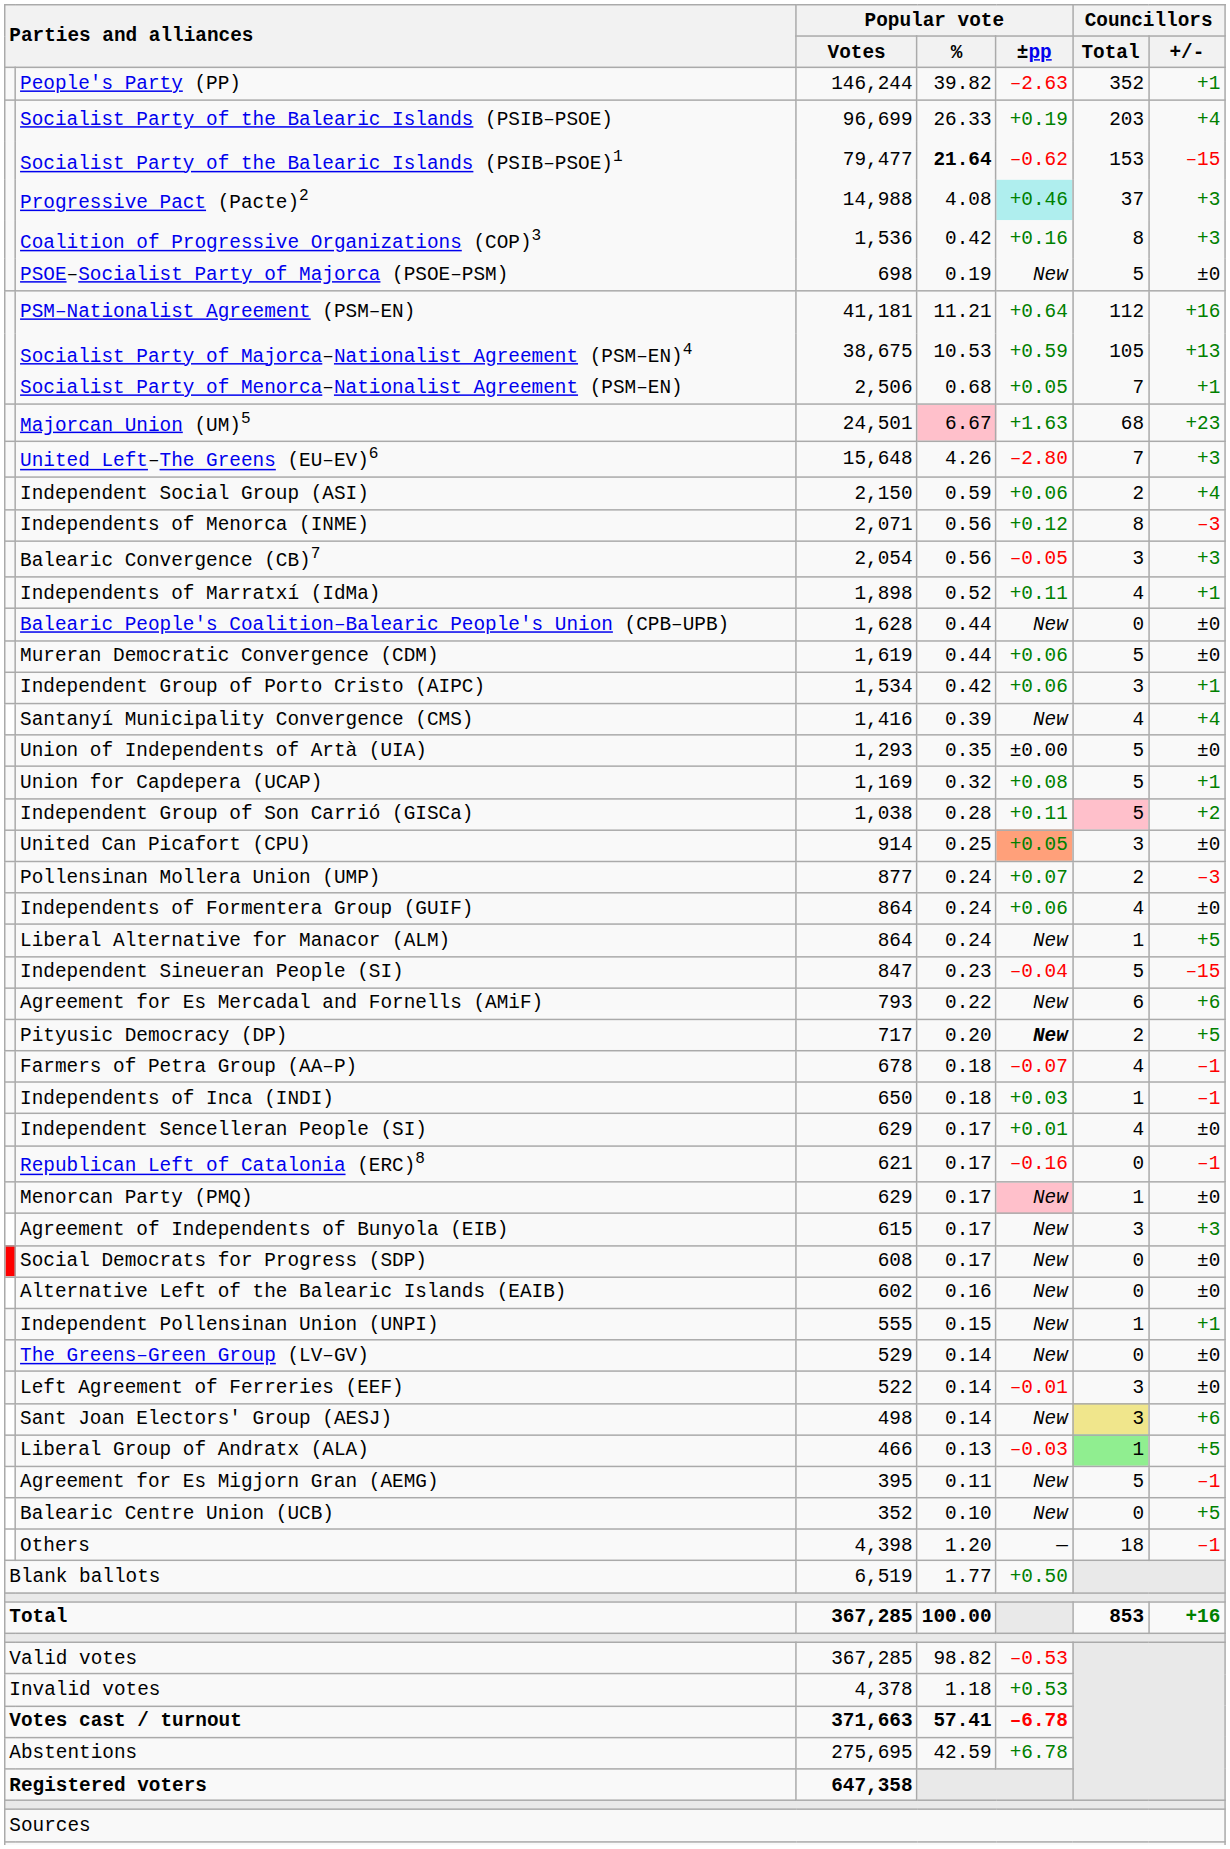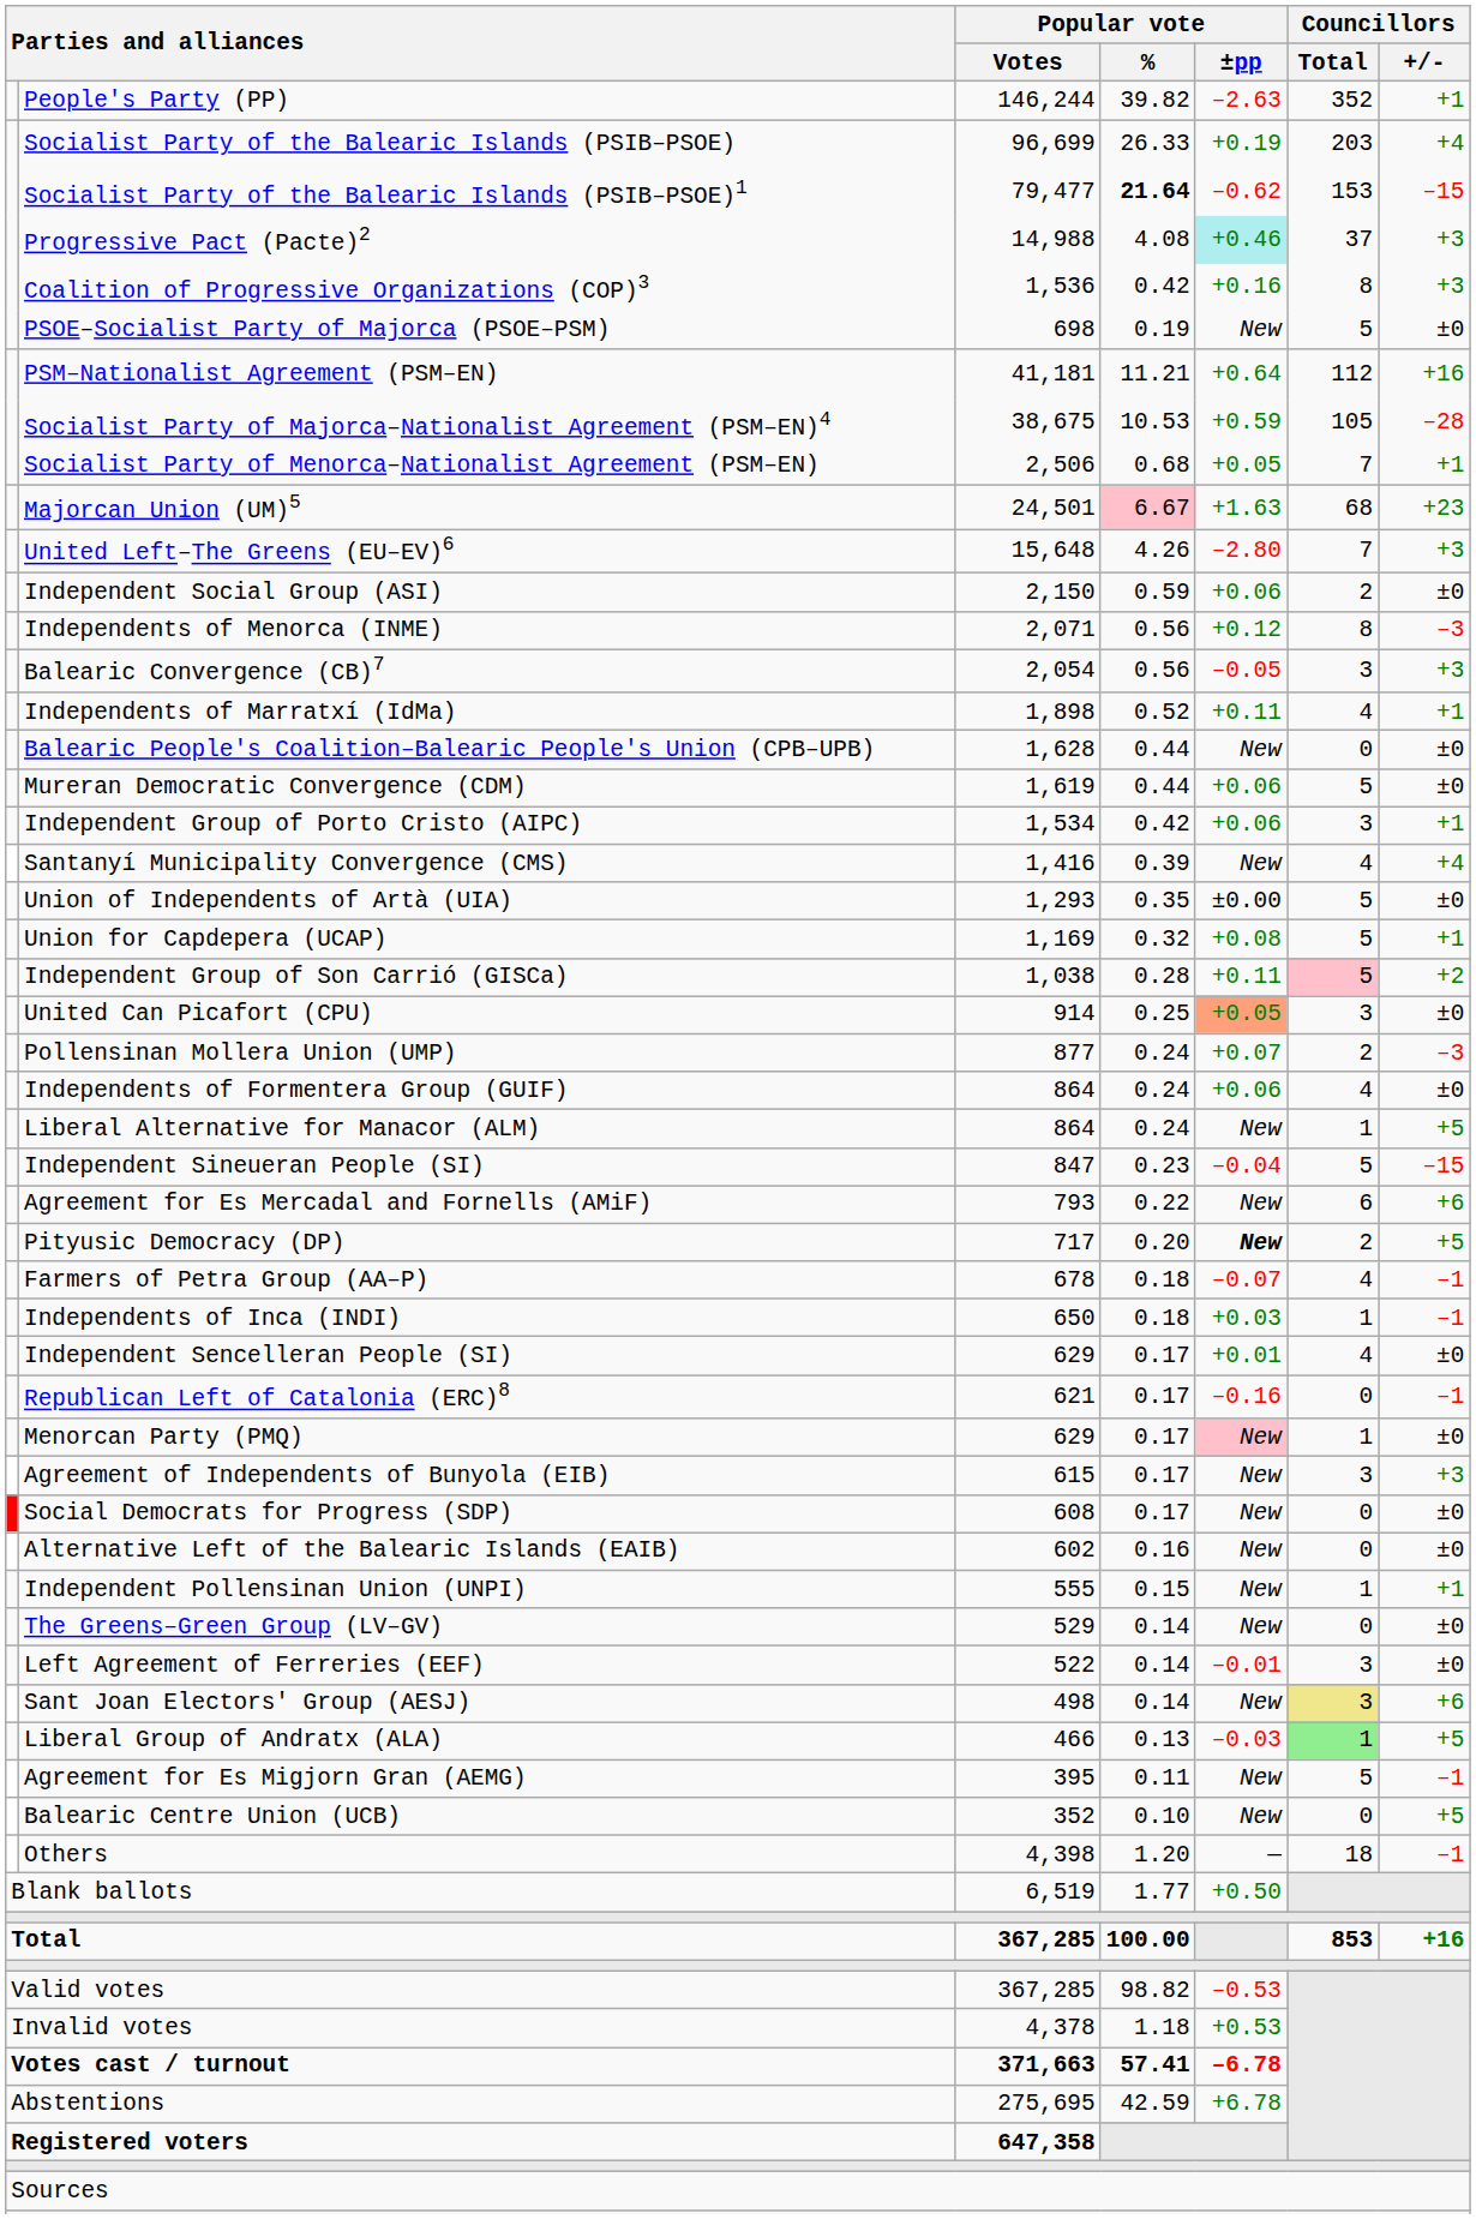 <table class="wikitable" style="text-align:right;">
 <tr>
 <th style="text-align:left;" rowspan="2" colspan="2" width="525">Parties and alliances</th>
 <th colspan="3">Popular vote</th>
 <th colspan="2">Councillors</th>
 </tr>
 <tr>
 <th width="75">Votes</th>
 <th width="45">%</th>
 <th width="45">±<a href='#'>pp</a></th>
 <th width="45">Total</th>
 <th width="45">+/-</th>
 </tr>
 <tr>
 <td width="1" style="color:inherit;background:"></td>
 <td align="left"><a href='#'>People's Party</a> (PP)</td>
 <td>146,244</td>
 <td>39.82</td>
 <td style="color:red;">–2.63</td>
 <td>352</td>
 <td style="color:green;">+1</td>
 </tr>
 <tr style="line-height:22px;">
 <td rowspan="5" style="color:inherit;background:"></td>
 <td align="left"><a href='#'>Socialist Party of the Balearic Islands</a> (PSIB–PSOE)</td>
 <td>96,699</td>
 <td>26.33</td>
 <td style="color:green;">+0.19</td>
 <td>203</td>
 <td style="color:green;">+4</td>
 </tr>
 <tr style="border-bottom-style:hidden; border-top-style:hidden; line-height:16px;">
 <td align="left"><span><a href='#'>Socialist Party of the Balearic Islands</a> (PSIB–PSOE)<sup>1</sup></span></td>
 <td>79,477</td>
 <td><strong>21.64</strong></td>
 <td style="color:red;">–0.62</td>
 <td>153</td>
 <td style="color:red;">–15</td>
 </tr>
 <tr style="border-bottom-style:hidden; line-height:16px;">
 <td align="left"><span><a href='#'>Progressive Pact</a> (Pacte)<sup>2</sup></span></td>
 <td>14,988</td>
 <td>4.08</td>
 <td style="background: paleturquoise; color:green;">+0.46</td>
 <td>37</td>
 <td style="color:green;">+3</td>
 </tr>
 <tr style="border-bottom-style:hidden; line-height:16px;">
 <td align="left"><span><a href='#'>Coalition of Progressive Organizations</a> (COP)<sup>3</sup></span></td>
 <td>1,536</td>
 <td>0.42</td>
 <td style="color:green;">+0.16</td>
 <td>8</td>
 <td style="color:green;">+3</td>
 </tr>
 <tr style="line-height:16px;">
 <td align="left"><span><a href='#'>PSOE</a>–<a href='#'>Socialist Party of Majorca</a> (PSOE–PSM)</span></td>
 <td>698</td>
 <td>0.19</td>
 <td><em>New</em></td>
 <td>5</td>
 <td>±0</td>
 </tr>
 <tr style="line-height:22px;">
 <td rowspan="3" style="color:inherit;background:"></td>
 <td align="left"><a href='#'>PSM–Nationalist Agreement</a> (PSM–EN)</td>
 <td>41,181</td>
 <td>11.21</td>
 <td style="color:green;">+0.64</td>
 <td>112</td>
 <td style="color:green;">+16</td>
 </tr>
 <tr style="border-bottom-style:hidden; border-top-style:hidden; line-height:16px;">
 <td align="left"><span><a href='#'>Socialist Party of Majorca</a>–<a href='#'>Nationalist Agreement</a> (PSM–EN)<sup>4</sup></span></td>
 <td>38,675</td>
 <td>10.53</td>
 <td style="color:green;">+0.59</td>
 <td>105</td>
-<td style="color:green;">+13</td>
+<td style="color:red;">–28</td>
 </tr>
 <tr style="line-height:16px;">
 <td align="left"><span><a href='#'>Socialist Party of Menorca</a>–<a href='#'>Nationalist Agreement</a> (PSM–EN)</span></td>
 <td>2,506</td>
 <td>0.68</td>
 <td style="color:green;">+0.05</td>
 <td>7</td>
 <td style="color:green;">+1</td>
 </tr>
 <tr>
 <td style="color:inherit;background:"></td>
 <td align="left"><a href='#'>Majorcan Union</a> (UM)<sup>5</sup></td>
 <td>24,501</td>
 <td style="background: pink;">6.67</td>
 <td style="color:green;">+1.63</td>
 <td>68</td>
 <td style="color:green;">+23</td>
 </tr>
 <tr>
 <td style="color:inherit;background:"></td>
 <td align="left"><a href='#'>United Left</a>–<a href='#'>The Greens</a> (EU–EV)<sup>6</sup></td>
 <td>15,648</td>
 <td>4.26</td>
 <td style="color:red;">–2.80</td>
 <td>7</td>
 <td style="color:green;">+3</td>
 </tr>
 <tr>
 <td style="color:inherit;background:"></td>
 <td align="left">Independent Social Group (ASI)</td>
 <td>2,150</td>
 <td>0.59</td>
 <td style="color:green;">+0.06</td>
 <td>2</td>
-<td style="color:green;">+4</td>
+<td>±0</td>
 </tr>
 <tr>
 <td style="color:inherit;background:"></td>
 <td align="left">Independents of Menorca (INME)</td>
 <td>2,071</td>
 <td>0.56</td>
 <td style="color:green;">+0.12</td>
 <td>8</td>
 <td style="color:red;">–3</td>
 </tr>
 <tr>
 <td style="color:inherit;background:"></td>
 <td align="left">Balearic Convergence (CB)<sup>7</sup></td>
 <td>2,054</td>
 <td>0.56</td>
 <td style="color:red;">–0.05</td>
 <td>3</td>
 <td style="color:green;">+3</td>
 </tr>
 <tr>
 <td style="color:inherit;background:"></td>
 <td align="left">Independents of Marratxí (IdMa)</td>
 <td>1,898</td>
 <td>0.52</td>
 <td style="color:green;">+0.11</td>
 <td>4</td>
 <td style="color:green;">+1</td>
 </tr>
 <tr>
 <td style="color:inherit;background:"></td>
 <td align="left"><a href='#'>Balearic People's Coalition–Balearic People's Union</a> (CPB–UPB)</td>
 <td>1,628</td>
 <td>0.44</td>
 <td><em>New</em></td>
 <td>0</td>
 <td>±0</td>
 </tr>
 <tr>
 <td style="color:inherit;background:"></td>
 <td align="left">Mureran Democratic Convergence (CDM)</td>
 <td>1,619</td>
 <td>0.44</td>
 <td style="color:green;">+0.06</td>
 <td>5</td>
 <td>±0</td>
 </tr>
 <tr>
 <td style="color:inherit;background:"></td>
 <td align="left">Independent Group of Porto Cristo (AIPC)</td>
 <td>1,534</td>
 <td>0.42</td>
 <td style="color:green;">+0.06</td>
 <td>3</td>
 <td style="color:green;">+1</td>
 </tr>
 <tr>
 <td bgcolor="white"></td>
 <td align="left">Santanyí Municipality Convergence (CMS)</td>
 <td>1,416</td>
 <td>0.39</td>
 <td><em>New</em></td>
 <td>4</td>
 <td style="color:green;">+4</td>
 </tr>
 <tr>
 <td style="color:inherit;background:"></td>
 <td align="left">Union of Independents of Artà (UIA)</td>
 <td>1,293</td>
 <td>0.35</td>
 <td>±0.00</td>
 <td>5</td>
 <td>±0</td>
 </tr>
 <tr>
 <td style="color:inherit;background:"></td>
 <td align="left">Union for Capdepera (UCAP)</td>
 <td>1,169</td>
 <td>0.32</td>
 <td style="color:green;">+0.08</td>
 <td>5</td>
 <td style="color:green;">+1</td>
 </tr>
 <tr>
 <td style="color:inherit;background:"></td>
 <td align="left">Independent Group of Son Carrió (GISCa)</td>
 <td>1,038</td>
 <td>0.28</td>
 <td style="color:green;">+0.11</td>
 <td style="background: pink;">5</td>
 <td style="color:green;">+2</td>
 </tr>
 <tr>
 <td style="color:inherit;background:"></td>
 <td align="left">United Can Picafort (CPU)</td>
 <td>914</td>
 <td>0.25</td>
 <td style="background: lightsalmon; color:green;">+0.05</td>
 <td>3</td>
 <td>±0</td>
 </tr>
 <tr>
 <td style="color:inherit;background:"></td>
 <td align="left">Pollensinan Mollera Union (UMP)</td>
 <td>877</td>
 <td>0.24</td>
 <td style="color:green;">+0.07</td>
 <td>2</td>
 <td style="color:red;">–3</td>
 </tr>
 <tr>
 <td style="color:inherit;background:"></td>
 <td align="left">Independents of Formentera Group (GUIF)</td>
 <td>864</td>
 <td>0.24</td>
 <td style="color:green;">+0.06</td>
 <td>4</td>
 <td>±0</td>
 </tr>
 <tr>
 <td style="color:inherit;background:"></td>
 <td align="left">Liberal Alternative for Manacor (ALM)</td>
 <td>864</td>
 <td>0.24</td>
 <td><em>New</em></td>
 <td>1</td>
 <td style="color:green;">+5</td>
 </tr>
 <tr>
 <td style="color:inherit;background:"></td>
 <td align="left">Independent Sineueran People (SI)</td>
 <td>847</td>
 <td>0.23</td>
 <td style="color:red;">–0.04</td>
 <td>5</td>
 <td style="color:red;">–15</td>
 </tr>
 <tr>
 <td style="color:inherit;background:"></td>
 <td align="left">Agreement for Es Mercadal and Fornells (AMiF)</td>
 <td>793</td>
 <td>0.22</td>
 <td><em>New</em></td>
 <td>6</td>
 <td style="color:green;">+6</td>
 </tr>
 <tr>
 <td style="color:inherit;background:"></td>
 <td align="left">Pityusic Democracy (DP)</td>
 <td>717</td>
 <td>0.20</td>
 <td><strong><em>New</em></strong></td>
 <td>2</td>
 <td style="color:green;">+5</td>
 </tr>
 <tr>
 <td style="color:inherit;background:"></td>
 <td align="left">Farmers of Petra Group (AA–P)</td>
 <td>678</td>
 <td>0.18</td>
 <td style="color:red;">–0.07</td>
 <td>4</td>
 <td style="color:red;">–1</td>
 </tr>
 <tr>
 <td style="color:inherit;background:"></td>
 <td align="left">Independents of Inca (INDI)</td>
 <td>650</td>
 <td>0.18</td>
 <td style="color:green;">+0.03</td>
 <td>1</td>
 <td style="color:red;">–1</td>
 </tr>
 <tr>
 <td style="color:inherit;background:"></td>
 <td align="left">Independent Sencelleran People (SI)</td>
 <td>629</td>
 <td>0.17</td>
 <td style="color:green;">+0.01</td>
 <td>4</td>
 <td>±0</td>
 </tr>
 <tr>
 <td style="color:inherit;background:"></td>
 <td align="left"><a href='#'>Republican Left of Catalonia</a> (ERC)<sup>8</sup></td>
 <td>621</td>
 <td>0.17</td>
 <td style="color:red;">–0.16</td>
 <td>0</td>
 <td style="color:red;">–1</td>
 </tr>
 <tr>
 <td style="color:inherit;background:"></td>
 <td align="left">Menorcan Party (PMQ)</td>
 <td>629</td>
 <td>0.17</td>
 <td style="background: pink;"><em>New</em></td>
 <td>1</td>
 <td>±0</td>
 </tr>
 <tr>
 <td bgcolor="white"></td>
 <td align="left">Agreement of Independents of Bunyola (EIB)</td>
 <td>615</td>
 <td>0.17</td>
 <td><em>New</em></td>
 <td>3</td>
 <td style="color:green;">+3</td>
 </tr>
 <tr>
 <td bgcolor="red"></td>
 <td align="left">Social Democrats for Progress (SDP)</td>
 <td>608</td>
 <td>0.17</td>
 <td><em>New</em></td>
 <td>0</td>
 <td>±0</td>
 </tr>
 <tr>
 <td bgcolor="white"></td>
 <td align="left">Alternative Left of the Balearic Islands (EAIB)</td>
 <td>602</td>
 <td>0.16</td>
 <td><em>New</em></td>
 <td>0</td>
 <td>±0</td>
 </tr>
 <tr>
 <td style="color:inherit;background:"></td>
 <td align="left">Independent Pollensinan Union (UNPI)</td>
 <td>555</td>
 <td>0.15</td>
 <td><em>New</em></td>
 <td>1</td>
 <td style="color:green;">+1</td>
 </tr>
 <tr>
 <td style="color:inherit;background:"></td>
 <td align="left"><a href='#'>The Greens–Green Group</a> (LV–GV)</td>
 <td>529</td>
 <td>0.14</td>
 <td><em>New</em></td>
 <td>0</td>
 <td>±0</td>
 </tr>
 <tr>
 <td style="color:inherit;background:"></td>
 <td align="left">Left Agreement of Ferreries (EEF)</td>
 <td>522</td>
 <td>0.14</td>
 <td style="color:red;">–0.01</td>
 <td>3</td>
 <td>±0</td>
 </tr>
 <tr>
 <td bgcolor="white"></td>
 <td align="left">Sant Joan Electors' Group (AESJ)</td>
 <td>498</td>
 <td>0.14</td>
 <td><em>New</em></td>
 <td style="background: khaki;">3</td>
 <td style="color:green;">+6</td>
 </tr>
 <tr>
 <td style="color:inherit;background:"></td>
 <td align="left">Liberal Group of Andratx (ALA)</td>
 <td>466</td>
 <td>0.13</td>
 <td style="color:red;">–0.03</td>
 <td style="background: lightgreen;">1</td>
 <td style="color:green;">+5</td>
 </tr>
 <tr>
 <td bgcolor="white"></td>
 <td align="left">Agreement for Es Migjorn Gran (AEMG)</td>
 <td>395</td>
 <td>0.11</td>
 <td><em>New</em></td>
 <td>5</td>
 <td style="color:red;">–1</td>
 </tr>
 <tr>
 <td bgcolor="white"></td>
 <td align="left">Balearic Centre Union (UCB)</td>
 <td>352</td>
 <td>0.10</td>
 <td><em>New</em></td>
 <td>0</td>
 <td style="color:green;">+5</td>
 </tr>
 <tr>
 <td bgcolor="white"></td>
 <td align="left">Others</td>
 <td>4,398</td>
 <td>1.20</td>
 <td>—</td>
 <td>18</td>
 <td style="color:red;">–1</td>
 </tr>
 <tr>
 <td align="left" colspan="2">Blank ballots</td>
 <td>6,519</td>
 <td>1.77</td>
 <td style="color:green;">+0.50</td>
 <td bgcolor="#E9E9E9" colspan="2"></td>
 </tr>
 <tr>
 <td colspan="7" bgcolor="#E9E9E9"></td>
 </tr>
 <tr style="font-weight:bold;">
 <td align="left" colspan="2">Total</td>
 <td>367,285</td>
 <td>100.00</td>
 <td bgcolor="#E9E9E9"></td>
 <td>853</td>
 <td style="color:green;">+16</td>
 </tr>
 <tr>
 <td colspan="7" bgcolor="#E9E9E9"></td>
 </tr>
 <tr>
 <td align="left" colspan="2">Valid votes</td>
 <td>367,285</td>
 <td>98.82</td>
 <td style="color:red;">–0.53</td>
 <td bgcolor="#E9E9E9" colspan="2" rowspan="5"></td>
 </tr>
 <tr>
 <td align="left" colspan="2">Invalid votes</td>
 <td>4,378</td>
 <td>1.18</td>
 <td style="color:green;">+0.53</td>
 </tr>
 <tr style="font-weight:bold;">
 <td align="left" colspan="2">Votes cast / turnout</td>
 <td>371,663</td>
 <td>57.41</td>
 <td style="color:red;">–6.78</td>
 </tr>
 <tr>
 <td align="left" colspan="2">Abstentions</td>
 <td>275,695</td>
 <td>42.59</td>
 <td style="color:green;">+6.78</td>
 </tr>
 <tr style="font-weight:bold;">
 <td align="left" colspan="2">Registered voters</td>
 <td>647,358</td>
 <td bgcolor="#E9E9E9" colspan="2"></td>
 </tr>
 <tr>
 <td colspan="7" bgcolor="#E9E9E9"></td>
 </tr>
 <tr>
 <td align="left" colspan="7">Sources</td>
 </tr>
 <tr>
 <td colspan="7" style="text-align:left; max-width:790px;"></td>
 </tr>
 </table>
